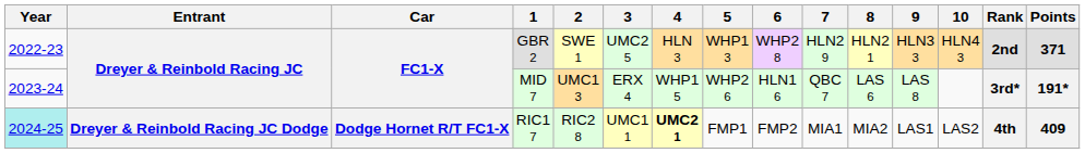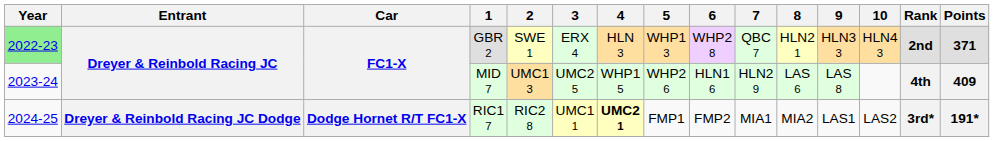 <table class="wikitable" style="text-align: center; font-size: 90%;">
 <tr>
 <th>Year</th>
 <th>Entrant</th>
 <th>Car</th>
 <th>1</th>
 <th>2</th>
 <th>3</th>
 <th>4</th>
 <th>5</th>
 <th>6</th>
 <th>7</th>
 <th>8</th>
 <th>9</th>
 <th>10</th>
 <th>Rank</th>
 <th>Points</th>
 </tr>
 <tr>
-<td><a href='#'>2022-23</a></td>
+<td style="background: lightgreen;"><a href='#'>2022-23</a></td>
 <th rowspan=2><a href='#'>Dreyer & Reinbold Racing JC</a></th>
 <th rowspan=2><a href='#'>FC1-X</a></th>
 <td style="background:#DFDFDF;">GBR<br><small>2</small></td>
 <td style="background:#FFFFBF;">SWE<br><small>1</small></td>
-<td style="background:#DFFFDF;">UMC2<br><small>5</small></td>
+<td style="background:#DFFFDF;">ERX<br><small>4</small></td>
 <td style="background:#FFDF9F;">HLN<br><small>3</small></td>
 <td style="background:#FFDF9F;">WHP1<br><small>3</small></td>
 <td style="background:#EFCFFF;">WHP2<br><small>8</small></td>
-<td style="background:#DFFFDF;">HLN2<br><small>9</small></td>
+<td style="background:#DFFFDF;">QBC<br><small>7</small></td>
 <td style="background:#FFFFBF;">HLN2<br><small>1</small></td>
 <td style="background:#FFDF9F;">HLN3<br><small>3</small></td>
 <td style="background:#FFDF9F;">HLN4<br><small>3</small></td>
 <th style="background:#DFDFDF;">2nd</th>
 <th style="background:#DFDFDF;">371</th>
 </tr>
 <tr>
 <td><a href='#'>2023-24</a></td>
 <td style="background:#DFFFDF;">MID<br><small>7</small></td>
 <td style="background:#FFDF9F;">UMC1<br><small>3</small></td>
-<td style="background:#DFFFDF;">ERX<br><small>4</small></td>
+<td style="background:#DFFFDF;">UMC2<br><small>5</small></td>
 <td style="background:#DFFFDF;">WHP1<br><small>5</small></td>
 <td style="background:#DFFFDF;">WHP2<br><small>6</small></td>
 <td style="background:#DFFFDF;">HLN1<br><small>6</small></td>
-<td style="background:#DFFFDF;">QBC<br><small>7</small></td>
+<td style="background:#DFFFDF;">HLN2<br><small>9</small></td>
 <td style="background:#DFFFDF;">LAS<br><small>6</small></td>
 <td style="background:#DFFFDF;">LAS<br><small>8</small></td>
 <td></td>
-<th>3rd*</th>
-<th>191*</th>
+<th>4th</th>
+<th>409</th>
 </tr>
 <tr>
-<td style="background: paleturquoise;"><a href='#'>2024-25</a></td>
+<td><a href='#'>2024-25</a></td>
 <th><a href='#'>Dreyer & Reinbold Racing JC Dodge</a></th>
 <th><a href='#'>Dodge Hornet R/T FC1-X</a></th>
 <td style="background:#DFFFDF;">RIC1<br><small>7</small></td>
 <td style="background:#DFFFDF;">RIC2<br><small>8</small></td>
 <td style="background:#FFFFBF;">UMC1<br><small>1</small></td>
 <td style="background:#FFFFBF;"><strong>UMC2<br><small>1</small></strong></td>
 <td style="background:">FMP1<br><small></small></td>
 <td style="background:">FMP2<br><small></small></td>
 <td style="background:">MIA1<br><small></small></td>
 <td style="background:">MIA2<br><small></small></td>
 <td style="background:">LAS1<br><small></small></td>
 <td style="background:">LAS2<br><small></small></td>
-<th>4th</th>
-<th>409</th>
+<th>3rd*</th>
+<th>191*</th>
 </tr>
 <tr>
 </tr>
 </table>
